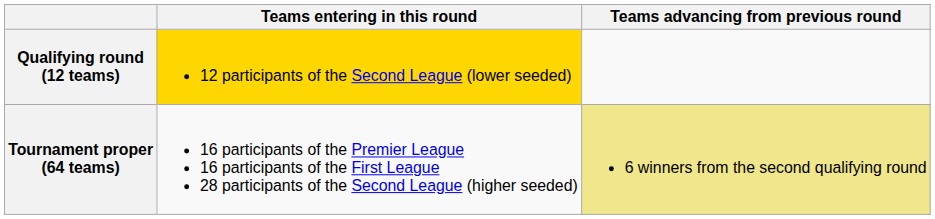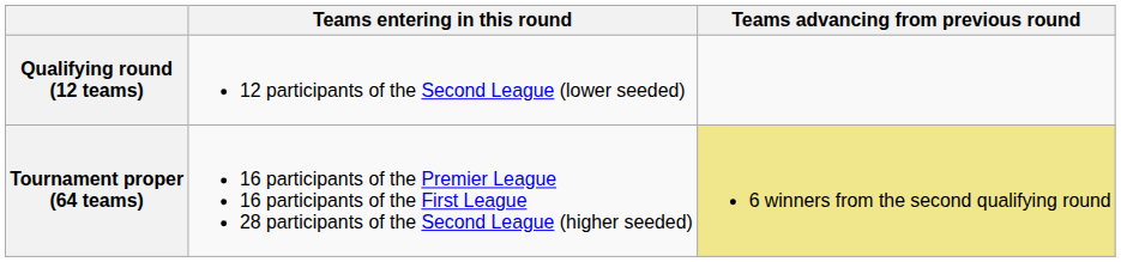 <table class="wikitable">
 <tr>
 <th colspan=2></th>
 <th>Teams entering in this round</th>
 <th>Teams advancing from previous round</th>
 </tr>
 <tr>
 <th colspan=2>Qualifying round<br> (12 teams)</th>
-<td style="background: gold;"><br><ul><li>12 participants of the <a href='#'>Second League</a> (lower seeded)</li></ul></td>
+<td><br><ul><li>12 participants of the <a href='#'>Second League</a> (lower seeded)</li></ul></td>
 <td></td>
 </tr>
 <tr>
 <th colspan=2>Tournament proper<br> (64 teams)</th>
 <td><br><ul><li>16 participants of the <a href='#'>Premier League</a></li><li>16 participants of the <a href='#'>First League</a></li><li>28 participants of the <a href='#'>Second League</a> (higher seeded)</li></ul></td>
 <td style="background: khaki;"><br><ul><li>6 winners from the second qualifying round</li></ul></td>
 </tr>
 </table>
